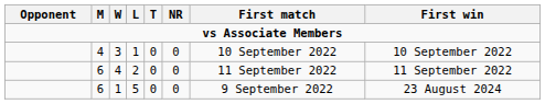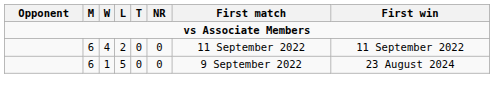 <table class="wikitable" style="text-align: center; width: 600px;">
 <tr>
 <th>Opponent</th>
 <th>M</th>
 <th>W</th>
 <th>L</th>
 <th>T</th>
 <th>NR</th>
 <th>First match</th>
 <th>First win</th>
 </tr>
 <tr>
 <td colspan="8" style="text-align:center;"><strong>vs Associate Members</strong></td>
-</tr>
-<tr>
-<td align=left></td>
-<td>4</td>
-<td>3</td>
-<td>1</td>
-<td>0</td>
-<td>0</td>
-<td>10 September 2022</td>
-<td>10 September 2022</td>
 </tr>
 <tr>
 <td align=left></td>
 <td>6</td>
 <td>4</td>
 <td>2</td>
 <td>0</td>
 <td>0</td>
 <td>11 September 2022</td>
 <td>11 September 2022</td>
 </tr>
 <tr>
 <td align=left></td>
 <td>6</td>
 <td>1</td>
 <td>5</td>
 <td>0</td>
 <td>0</td>
 <td>9 September 2022</td>
 <td>23 August 2024</td>
 </tr>
 </table>
